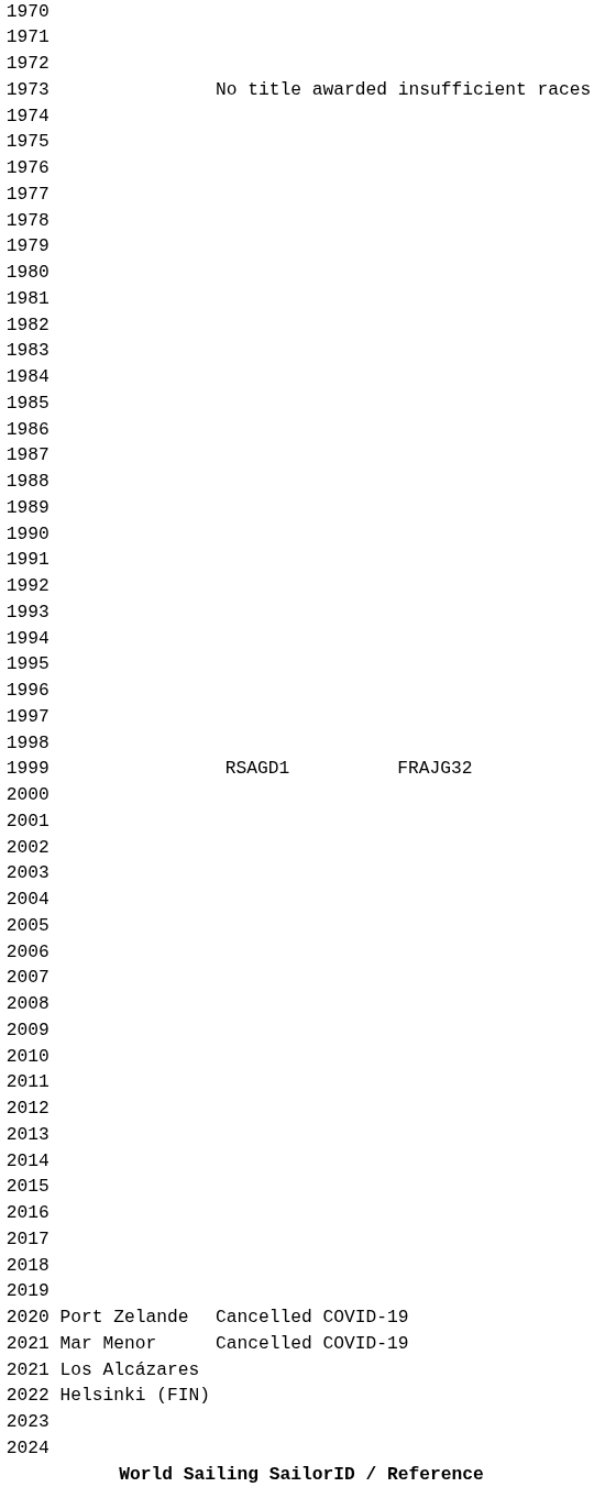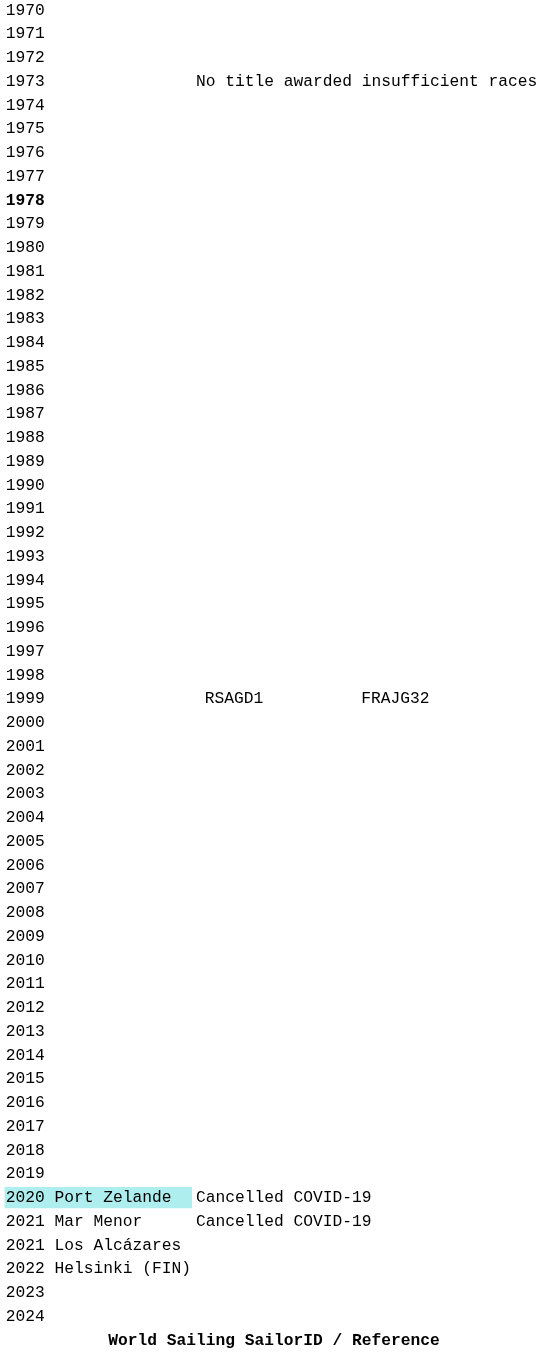 <table>
 <tr>
 <td>1970</td>
 <td></td>
 <td></td>
 <td></td>
 <td></td>
 </tr>
 <tr>
 <td>1971</td>
 <td></td>
 <td></td>
 <td></td>
 <td></td>
 </tr>
 <tr>
 <td>1972</td>
 <td></td>
 <td></td>
 <td></td>
 <td></td>
 </tr>
 <tr>
 <td>1973</td>
 <td colspan=3>No title awarded insufficient races</td>
 <td></td>
 </tr>
 <tr>
 <td>1974</td>
 <td></td>
 <td></td>
 <td></td>
 <td></td>
 </tr>
 <tr>
 <td>1975</td>
 <td></td>
 <td></td>
 <td></td>
 <td></td>
 </tr>
 <tr>
 <td>1976</td>
 <td></td>
 <td></td>
 <td></td>
 <td></td>
 </tr>
 <tr>
 <td>1977</td>
 <td></td>
 <td></td>
 <td></td>
 <td></td>
 </tr>
 <tr>
-<td>1978</td>
+<td><strong>1978</strong></td>
 <td></td>
 <td></td>
 <td></td>
 <td></td>
 </tr>
 <tr>
 <td>1979</td>
 <td></td>
 <td></td>
 <td></td>
 <td></td>
 </tr>
 <tr>
 <td>1980</td>
 <td></td>
 <td></td>
 <td></td>
 <td></td>
 </tr>
 <tr>
 <td>1981</td>
 <td></td>
 <td></td>
 <td></td>
 <td></td>
 </tr>
 <tr>
 <td>1982</td>
 <td></td>
 <td></td>
 <td></td>
 <td></td>
 </tr>
 <tr>
 <td>1983</td>
 <td></td>
 <td></td>
 <td></td>
 <td></td>
 </tr>
 <tr>
 <td>1984</td>
 <td></td>
 <td></td>
 <td></td>
 <td></td>
 </tr>
 <tr>
 <td>1985</td>
 <td></td>
 <td></td>
 <td></td>
 <td></td>
 </tr>
 <tr>
 <td>1986</td>
 <td></td>
 <td></td>
 <td></td>
 <td></td>
 </tr>
 <tr>
 <td>1987</td>
 <td></td>
 <td></td>
 <td></td>
 <td></td>
 </tr>
 <tr>
 <td>1988</td>
 <td></td>
 <td></td>
 <td></td>
 <td></td>
 </tr>
 <tr>
 <td>1989</td>
 <td></td>
 <td></td>
 <td></td>
 <td></td>
 </tr>
 <tr>
 <td>1990</td>
 <td></td>
 <td></td>
 <td></td>
 <td></td>
 </tr>
 <tr>
 <td>1991</td>
 <td></td>
 <td></td>
 <td></td>
 <td></td>
 </tr>
 <tr>
 <td>1992</td>
 <td></td>
 <td></td>
 <td></td>
 <td></td>
 </tr>
 <tr>
 <td>1993</td>
 <td></td>
 <td></td>
 <td></td>
 <td></td>
 </tr>
 <tr>
 <td>1994</td>
 <td></td>
 <td></td>
 <td></td>
 <td></td>
 </tr>
 <tr>
 <td>1995</td>
 <td></td>
 <td></td>
 <td></td>
 <td></td>
 </tr>
 <tr>
 <td>1996</td>
 <td></td>
 <td></td>
 <td></td>
 <td></td>
 </tr>
 <tr>
 <td>1997</td>
 <td></td>
 <td></td>
 <td></td>
 <td></td>
 </tr>
 <tr>
 <td>1998</td>
 <td></td>
 <td></td>
 <td></td>
 <td></td>
 </tr>
 <tr>
 <td>1999</td>
 <td></td>
 <td> RSAGD1</td>
 <td>FRAJG32</td>
 <td></td>
 </tr>
 <tr>
 <td>2000</td>
 <td></td>
 <td></td>
 <td></td>
 <td></td>
 </tr>
 <tr>
 <td>2001</td>
 <td></td>
 <td></td>
 <td></td>
 </tr>
 <tr>
 <td>2002</td>
 <td></td>
 <td></td>
 <td></td>
 <td></td>
 </tr>
 <tr>
 <td>2003</td>
 <td></td>
 <td></td>
 <td></td>
 <td></td>
 </tr>
 <tr>
 <td>2004</td>
 <td></td>
 <td></td>
 <td></td>
 <td></td>
 </tr>
 <tr>
 <td>2005</td>
 <td></td>
 <td></td>
 <td></td>
 <td></td>
 </tr>
 <tr>
 <td>2006</td>
 <td></td>
 <td></td>
 <td></td>
 <td></td>
 </tr>
 <tr>
 <td>2007</td>
 <td></td>
 <td></td>
 <td></td>
 <td></td>
 </tr>
 <tr>
 <td>2008</td>
 <td></td>
 <td></td>
 <td></td>
 <td></td>
 </tr>
 <tr>
 <td>2009</td>
 <td></td>
 <td></td>
 <td></td>
 <td></td>
 </tr>
 <tr>
 <td>2010</td>
 <td></td>
 <td></td>
 <td></td>
 <td></td>
 </tr>
 <tr>
 <td>2011</td>
 <td></td>
 <td></td>
 <td></td>
 <td></td>
 </tr>
 <tr>
 <td>2012</td>
 <td></td>
 <td></td>
 <td></td>
 <td></td>
 </tr>
 <tr>
 <td>2013</td>
 <td></td>
 <td></td>
 <td></td>
 <td></td>
 </tr>
 <tr>
 <td>2014</td>
 <td></td>
 <td></td>
 <td></td>
 <td></td>
 </tr>
 <tr>
 <td>2015</td>
 <td></td>
 <td></td>
 <td></td>
 <td></td>
 </tr>
 <tr>
 <td>2016</td>
 <td></td>
 <td></td>
 <td></td>
 <td></td>
 </tr>
 <tr>
 <td>2017</td>
 <td></td>
 <td></td>
 <td></td>
 <td></td>
 </tr>
 <tr>
 <td>2018</td>
 <td></td>
 <td></td>
 <td></td>
 <td></td>
 </tr>
 <tr>
 <td>2019</td>
 <td></td>
 <td></td>
 <td></td>
 <td></td>
 </tr>
 <tr>
-<td>2020 Port Zelande</td>
+<td style="background: paleturquoise;">2020 Port Zelande</td>
 <td colspan=3>Cancelled COVID-19</td>
 <td></td>
 </tr>
 <tr>
 <td>2021 Mar Menor</td>
 <td colspan=3>Cancelled COVID-19</td>
 <td></td>
 </tr>
 <tr>
 <td>2021 Los Alcázares</td>
 <td></td>
 <td></td>
 <td></td>
 <td></td>
 </tr>
 <tr>
 <td>2022 Helsinki (FIN)</td>
 <td></td>
 <td></td>
 <td></td>
 <td></td>
 </tr>
 <tr>
 <td>2023</td>
 <td></td>
 <td></td>
 <td></td>
 <td></td>
 </tr>
 <tr>
 <td>2024</td>
 <td></td>
 <td></td>
 <td></td>
 <td></td>
 </tr>
 <tr>
 <th colspan=5>World Sailing SailorID / Reference<br>                              </th>
 </tr>
 <tr>
 </tr>
 </table>
